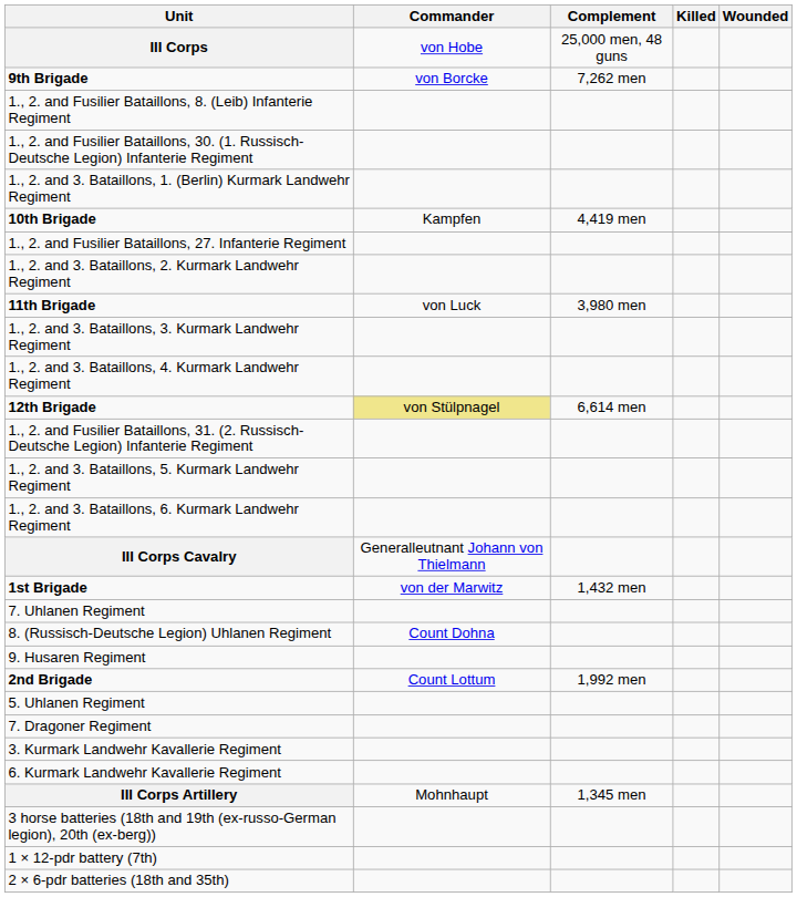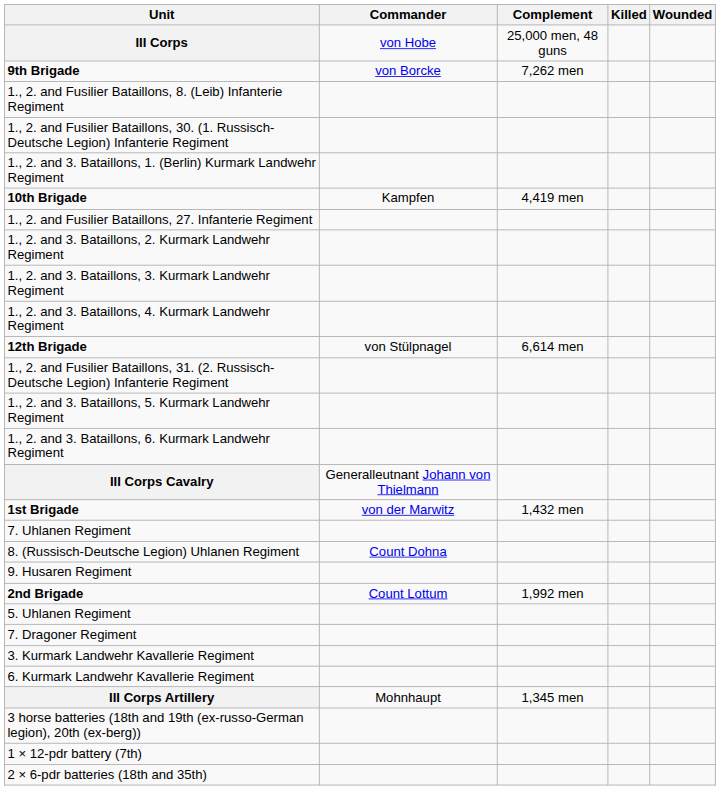 <table class="wikitable">
 <tr>
 <th>Unit</th>
 <th>Commander</th>
 <th>Complement</th>
 <th>Killed</th>
 <th>Wounded</th>
 </tr>
 <tr>
 <th colspan="1" bgcolor="#f9f9f9;">III Corps</th>
 <td align="center"><a href='#'>von Hobe</a></td>
 <td align="center">25,000 men, 48 guns</td>
 <td align="center"></td>
 <td align="center"></td>
 </tr>
 <tr>
 <td><strong>9th Brigade</strong></td>
 <td align="center"><a href='#'>von Borcke</a></td>
 <td align="center">7,262 men</td>
 <td align="center"></td>
 <td align="center"></td>
 </tr>
 <tr>
 <td>1., 2. and Fusilier Bataillons, 8. (Leib) Infanterie Regiment</td>
 <td align="center"></td>
 <td align="center"></td>
 <td align="center"></td>
 <td align="center"></td>
 </tr>
 <tr>
 <td>1., 2. and Fusilier Bataillons, 30. (1. Russisch-Deutsche Legion) Infanterie Regiment</td>
 <td align="center"></td>
 <td align="center"></td>
 <td align="center"></td>
 <td align="center"></td>
 </tr>
 <tr>
 <td>1., 2. and 3. Bataillons, 1. (Berlin) Kurmark Landwehr Regiment</td>
 <td align="center"></td>
 <td align="center"></td>
 <td align="center"></td>
 <td align="center"></td>
 </tr>
 <tr>
 <td><strong>10th Brigade</strong></td>
 <td align="center">Kampfen</td>
 <td align="center">4,419 men</td>
 <td align="center"></td>
 <td align="center"></td>
 </tr>
 <tr>
 <td>1., 2. and Fusilier Bataillons, 27. Infanterie Regiment</td>
 <td align="center"></td>
 <td align="center"></td>
 <td align="center"></td>
 <td align="center"></td>
 </tr>
 <tr>
 <td>1., 2. and 3. Bataillons, 2. Kurmark Landwehr Regiment</td>
 <td align="center"></td>
 <td align="center"></td>
 <td align="center"></td>
 <td align="center"></td>
 </tr>
 <tr>
-<td><strong>11th Brigade</strong></td>
-<td align="center">von Luck</td>
-<td align="center">3,980 men</td>
-<td align="center"></td>
-<td align="center"></td>
-</tr>
-<tr>
 <td>1., 2. and 3. Bataillons, 3. Kurmark Landwehr Regiment</td>
 <td align="center"></td>
 <td align="center"></td>
 <td align="center"></td>
 <td align="center"></td>
 </tr>
 <tr>
 <td>1., 2. and 3. Bataillons, 4. Kurmark Landwehr Regiment</td>
 <td align="center"></td>
 <td align="center"></td>
 <td align="center"></td>
 <td align="center"></td>
 </tr>
 <tr>
 <td><strong>12th Brigade</strong></td>
-<td align="center" style="background: khaki;">von Stülpnagel</td>
+<td align="center">von Stülpnagel</td>
 <td align="center">6,614 men</td>
 <td align="center"></td>
 <td align="center"></td>
 </tr>
 <tr>
 <td>1., 2. and Fusilier Bataillons, 31. (2. Russisch-Deutsche Legion) Infanterie Regiment</td>
 <td align="center"></td>
 <td align="center"></td>
 <td align="center"></td>
 <td align="center"></td>
 </tr>
 <tr>
 <td>1., 2. and 3. Bataillons, 5. Kurmark Landwehr Regiment</td>
 <td align="center"></td>
 <td align="center"></td>
 <td align="center"></td>
 <td align="center"></td>
 </tr>
 <tr>
 <td>1., 2. and 3. Bataillons, 6. Kurmark Landwehr Regiment</td>
 <td align="center"></td>
 <td align="center"></td>
 <td align="center"></td>
 <td align="center"></td>
 </tr>
 <tr>
 <th colspan="1" bgcolor="#f9f9f9;">III Corps Cavalry</th>
 <td align="center">Generalleutnant <a href='#'>Johann von Thielmann</a></td>
 <td align="center"></td>
 <td align="center"></td>
 <td align="center"></td>
 </tr>
 <tr>
 <td><strong>1st Brigade</strong></td>
 <td align="center"><a href='#'>von der Marwitz</a></td>
 <td align="center">1,432 men</td>
 <td align="center"></td>
 <td align="center"></td>
 </tr>
 <tr>
 <td>7. Uhlanen Regiment</td>
 <td align="center"></td>
 <td align="center"></td>
 <td align="center"></td>
 <td align="center"></td>
 </tr>
 <tr>
 <td>8. (Russisch-Deutsche Legion) Uhlanen Regiment</td>
 <td align="center"><a href='#'>Count Dohna</a> </td>
 <td align="center"></td>
 <td align="center"></td>
 <td align="center"></td>
 </tr>
 <tr>
 <td>9. Husaren Regiment</td>
 <td align="center"></td>
 <td align="center"></td>
 <td align="center"></td>
 <td align="center"></td>
 </tr>
 <tr>
 <td><strong>2nd Brigade</strong></td>
 <td align="center"><a href='#'>Count Lottum</a></td>
 <td align="center">1,992 men</td>
 <td align="center"></td>
 <td align="center"></td>
 </tr>
 <tr>
 <td>5. Uhlanen Regiment</td>
 <td align="center"></td>
 <td align="center"></td>
 <td align="center"></td>
 <td align="center"></td>
 </tr>
 <tr>
 <td>7. Dragoner Regiment</td>
 <td align="center"></td>
 <td align="center"></td>
 <td align="center"></td>
 <td align="center"></td>
 </tr>
 <tr>
 <td>3. Kurmark Landwehr Kavallerie Regiment</td>
 <td align="center"></td>
 <td align="center"></td>
 <td align="center"></td>
 <td align="center"></td>
 </tr>
 <tr>
 <td>6. Kurmark Landwehr Kavallerie Regiment</td>
 <td align="center"></td>
 <td align="center"></td>
 <td align="center"></td>
 <td align="center"></td>
 </tr>
 <tr>
 <th colspan="1" bgcolor="#f9f9f9;">III Corps Artillery</th>
 <td align="center">Mohnhaupt</td>
 <td align="center">1,345 men</td>
 <td align="center"></td>
 <td align="center"></td>
 </tr>
 <tr>
 <td>3 horse batteries (18th and 19th (ex-russo-German legion), 20th (ex-berg))</td>
 <td align="center"></td>
 <td align="center"></td>
 <td align="center"></td>
 <td align="center"></td>
 </tr>
 <tr>
 <td>1 × 12-pdr battery (7th)</td>
 <td align="center"></td>
 <td align="center"></td>
 <td align="center"></td>
 <td align="center"></td>
 </tr>
 <tr>
 <td>2 × 6-pdr batteries (18th and 35th)</td>
 <td align="center"></td>
 <td align="center"></td>
 <td align="center"></td>
 <td align="center"></td>
 </tr>
 </table>
